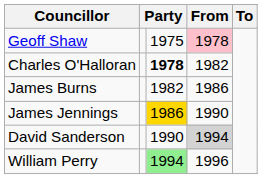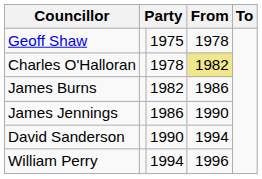 <table class=wikitable>
 <tr>
 <th>Councillor</th>
 <th colspan=2>Party</th>
 <th>From</th>
 <th>To</th>
 </tr>
 <tr>
 <td><a href='#'>Geoff Shaw</a></td>
 <td></td>
 <td align=right>1975</td>
-<td align=right style="background: pink;">1978</td>
+<td align=right>1978</td>
 </tr>
 <tr>
 <td>Charles O'Halloran</td>
 <td></td>
-<td align=right><strong>1978</strong></td>
-<td align=right>1982</td>
+<td align=right>1978</td>
+<td align=right style="background: khaki;">1982</td>
 </tr>
 <tr>
 <td>James Burns</td>
 <td></td>
 <td align=right>1982</td>
 <td align=right>1986</td>
 </tr>
 <tr>
 <td>James Jennings</td>
 <td></td>
-<td align=right style="background: gold;">1986</td>
+<td align=right>1986</td>
 <td align=right>1990</td>
 </tr>
 <tr>
 <td>David Sanderson</td>
 <td></td>
 <td align=right>1990</td>
-<td align=right style="background: lightgrey;">1994</td>
+<td align=right>1994</td>
 </tr>
 <tr>
 <td>William Perry</td>
 <td></td>
-<td align=right style="background: lightgreen;">1994</td>
+<td align=right>1994</td>
 <td align=right>1996</td>
 </tr>
 </table>
